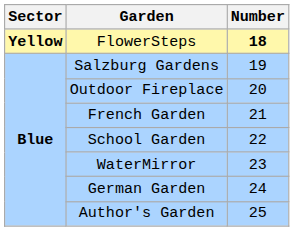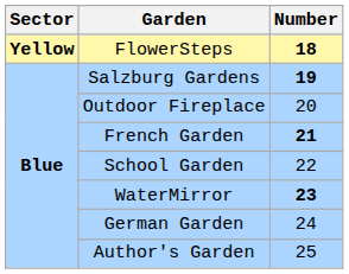 <table class="wikitable" style="text-align:center">
 <tr>
 <th>Sector</th>
 <th>Garden</th>
 <th>Number</th>
 </tr>
 <tr>
 <td style="background:#fff8ab;"><strong>Yellow</strong></td>
 <td style="background:#fff8ab;">FlowerSteps</td>
 <td style="background:#fff8ab;"><strong>18</strong></td>
 </tr>
 <tr>
 <td style="background:#abd4ff;" rowspan="7"><strong>Blue</strong></td>
 <td style="background:#abd4ff;">Salzburg Gardens</td>
-<td style="background:#abd4ff;">19</td>
+<td style="background:#abd4ff;"><strong>19</strong></td>
 </tr>
 <tr>
 <td style="background:#abd4ff;">Outdoor Fireplace</td>
 <td style="background:#abd4ff;">20</td>
 </tr>
 <tr>
 <td style="background:#abd4ff;">French Garden</td>
-<td style="background:#abd4ff;">21</td>
+<td style="background:#abd4ff;"><strong>21</strong></td>
 </tr>
 <tr>
 <td style="background:#abd4ff;">School Garden</td>
 <td style="background:#abd4ff;">22</td>
 </tr>
 <tr>
 <td style="background:#abd4ff;">WaterMirror</td>
-<td style="background:#abd4ff;">23</td>
+<td style="background:#abd4ff;"><strong>23</strong></td>
 </tr>
 <tr>
 <td style="background:#abd4ff;">German Garden</td>
 <td style="background:#abd4ff;">24</td>
 </tr>
 <tr>
 <td style="background:#abd4ff;">Author's Garden</td>
 <td style="background:#abd4ff;">25</td>
 </tr>
 </table>
